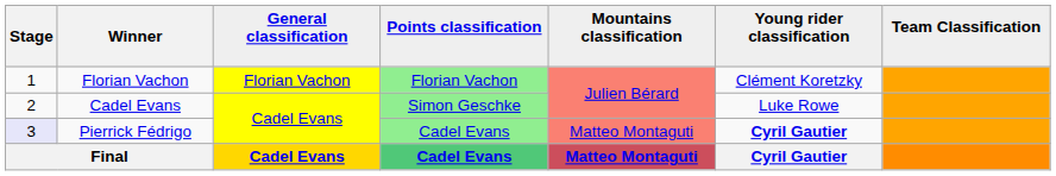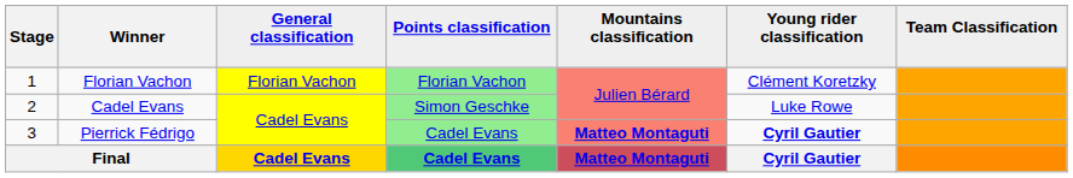 <table class="wikitable" style="text-align: center; font-size:smaller;">
 <tr style="background-color: #efefef;">
 <th width="1%">Stage</th>
 <th width="14%">Winner</th>
 <th style="background:#EFEFEF;" width="15%"><a href='#'>General classification</a><br><br></th>
 <th style="background:#EFEFEF;" width="15%"><a href='#'>Points classification</a><br><br></th>
 <th style="background:#EFEFEF;" width="15%">Mountains classification<br><br></th>
 <th style="background:#EFEFEF;" width="15%">Young rider classification<br><br></th>
 <th style="background:#EFEFEF;" width="15%">Team Classification<br><br></th>
 </tr>
 <tr>
 <td>1</td>
 <td><a href='#'>Florian Vachon</a></td>
 <td style="background:yellow;"><a href='#'>Florian Vachon</a></td>
 <td style="background:lightgreen;"><a href='#'>Florian Vachon</a></td>
 <td style="background:salmon;" rowspan="2"><a href='#'>Julien Bérard</a></td>
 <td style="background:offwhite;"><a href='#'>Clément Koretzky</a></td>
 <td style="background:orange;"></td>
 </tr>
 <tr>
 <td>2</td>
 <td><a href='#'>Cadel Evans</a></td>
 <td style="background:yellow;" rowspan="2"><a href='#'>Cadel Evans</a></td>
 <td style="background:lightgreen;"><a href='#'>Simon Geschke</a></td>
 <td style="background:offwhite;"><a href='#'>Luke Rowe</a></td>
 <td style="background:orange;"></td>
 </tr>
 <tr>
-<td style="background: lavender;">3</td>
+<td>3</td>
 <td><a href='#'>Pierrick Fédrigo</a></td>
 <td style="background:lightgreen;"><a href='#'>Cadel Evans</a></td>
-<td style="background:salmon;"><a href='#'>Matteo Montaguti</a></td>
+<td style="background:salmon;"><strong><a href='#'>Matteo Montaguti</a></strong></td>
 <td style="background:offwhite;"><strong><a href='#'>Cyril Gautier</a></strong></td>
 <td style="background:orange;"></td>
 </tr>
 <tr>
 <th colspan=2><strong>Final</strong></th>
 <th style="background:gold;"><a href='#'>Cadel Evans</a></th>
 <th style="background:#50C878;"><a href='#'>Cadel Evans</a></th>
 <th style="background:#CC4E5C;"><a href='#'>Matteo Montaguti</a></th>
 <th style="background:offwhite;"><a href='#'>Cyril Gautier</a></th>
 <th style="background:#FF8C00;"></th>
 </tr>
 </table>
